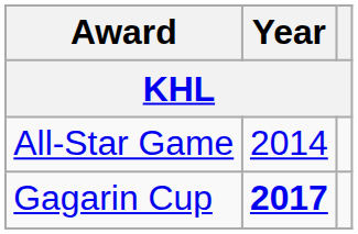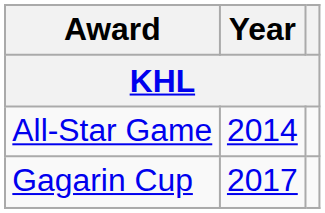 <table class="wikitable">
 <tr>
 <th>Award</th>
 <th>Year</th>
 <th></th>
 </tr>
 <tr>
 <th colspan="3"><a href='#'>KHL</a></th>
 </tr>
 <tr>
 <td><a href='#'>All-Star Game</a></td>
 <td><a href='#'>2014</a></td>
 <td></td>
 </tr>
 <tr>
 <td><a href='#'>Gagarin Cup</a></td>
-<td><strong><a href='#'>2017</a></strong></td>
+<td><a href='#'>2017</a></td>
 <td></td>
 </tr>
 </table>
